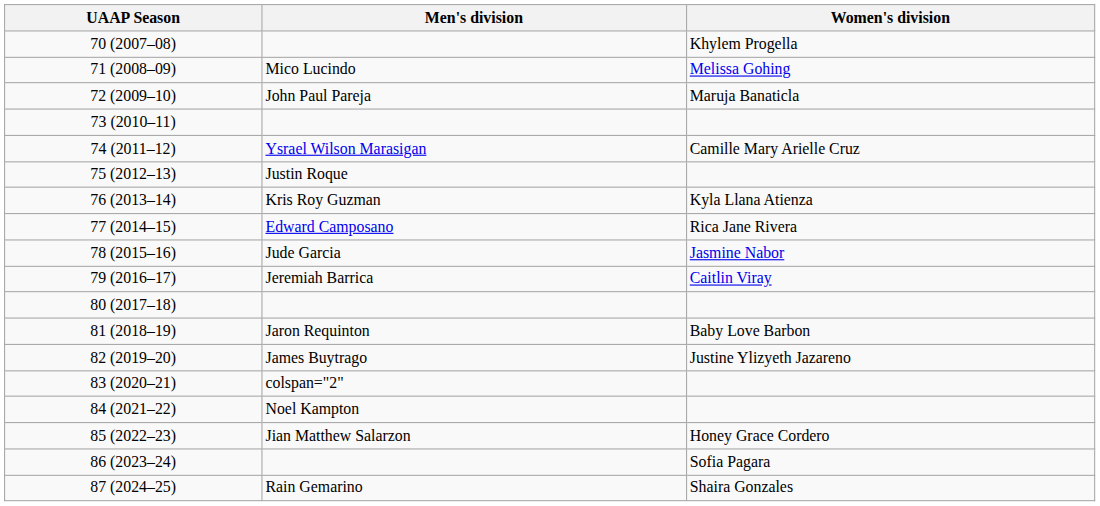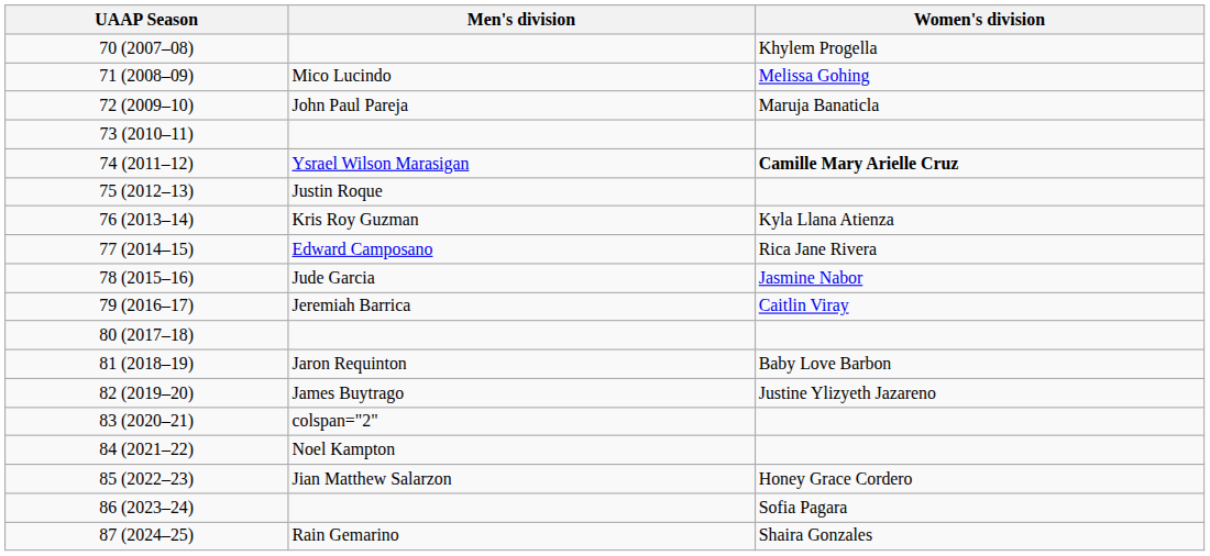 <table class="wikitable" width="50%" style="font-size:90%;">
 <tr>
 <th width=1.5%>UAAP Season</th>
 <th width=2.5%>Men's division</th>
 <th width=2.5%>Women's division</th>
 </tr>
 <tr>
 <td align=center>70 (2007–08)</td>
 <td></td>
 <td> Khylem Progella</td>
 </tr>
 <tr>
 <td align=center>71 (2008–09)</td>
 <td> Mico Lucindo</td>
 <td> <a href='#'>Melissa Gohing</a></td>
 </tr>
 <tr>
 <td align=center>72 (2009–10)</td>
 <td> John Paul Pareja</td>
 <td> Maruja Banaticla</td>
 </tr>
 <tr>
 <td align=center>73 (2010–11)</td>
 <td></td>
 <td></td>
 </tr>
 <tr>
 <td align=center>74 (2011–12)</td>
 <td> <a href='#'>Ysrael Wilson Marasigan</a></td>
-<td> Camille Mary Arielle Cruz</td>
+<td><strong> Camille Mary Arielle Cruz</strong></td>
 </tr>
 <tr>
 <td align=center>75 (2012–13)</td>
 <td> Justin Roque</td>
 <td align=center></td>
 </tr>
 <tr>
 <td align=center>76 (2013–14)</td>
 <td> Kris Roy Guzman</td>
 <td> Kyla Llana Atienza</td>
 </tr>
 <tr>
 <td align=center>77 (2014–15)</td>
 <td> <a href='#'>Edward Camposano</a></td>
 <td> Rica Jane Rivera</td>
 </tr>
 <tr>
 <td align=center>78 (2015–16)</td>
 <td> Jude Garcia</td>
 <td> <a href='#'>Jasmine Nabor</a></td>
 </tr>
 <tr>
 <td align=center>79 (2016–17)</td>
 <td> Jeremiah Barrica</td>
 <td> <a href='#'>Caitlin Viray</a></td>
 </tr>
 <tr>
 <td align=center>80 (2017–18)</td>
 <td></td>
 <td></td>
 </tr>
 <tr>
 <td align=center>81 (2018–19)</td>
 <td> Jaron Requinton</td>
 <td> Baby Love Barbon</td>
 </tr>
 <tr>
 <td align=center>82 (2019–20)</td>
 <td> James Buytrago</td>
 <td> Justine Ylizyeth Jazareno</td>
 </tr>
 <tr>
 <td align=center>83 (2020–21)</td>
 <td>colspan="2" </td>
 </tr>
 <tr>
 <td align=center>84 (2021–22)</td>
 <td> Noel Kampton</td>
 <td></td>
 </tr>
 <tr>
 <td align=center>85 (2022–23)</td>
 <td> Jian Matthew Salarzon</td>
 <td> Honey Grace Cordero</td>
 </tr>
 <tr>
 <td align=center>86 (2023–24)</td>
 <td></td>
 <td> Sofia Pagara</td>
 </tr>
 <tr>
 <td align=center>87 (2024–25)</td>
 <td> Rain Gemarino</td>
 <td> Shaira Gonzales</td>
 </tr>
 </table>
